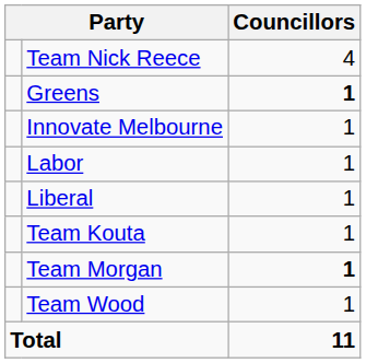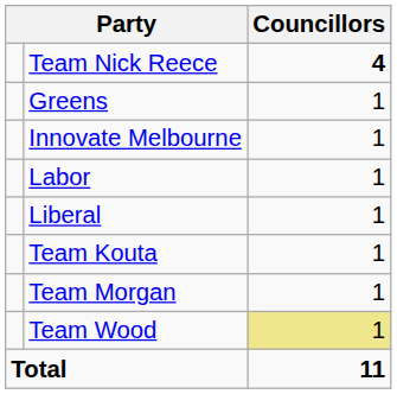 <table class="wikitable">
 <tr>
 <th colspan="2">Party</th>
 <th>Councillors</th>
 </tr>
 <tr>
 <td> </td>
 <td><a href='#'>Team Nick Reece</a></td>
-<td align=right>4</td>
+<td align=right><strong>4</strong></td>
 </tr>
 <tr>
 <td> </td>
 <td><a href='#'>Greens</a></td>
-<td align=right><strong>1</strong></td>
+<td align=right>1</td>
 </tr>
 <tr>
 <td> </td>
 <td><a href='#'>Innovate Melbourne</a></td>
 <td align=right>1</td>
 </tr>
 <tr>
 <td> </td>
 <td><a href='#'>Labor</a></td>
 <td align=right>1</td>
 </tr>
 <tr>
 <td> </td>
 <td><a href='#'>Liberal</a></td>
 <td align=right>1</td>
 </tr>
 <tr>
 <td> </td>
 <td><a href='#'>Team Kouta</a></td>
 <td align=right>1</td>
 </tr>
 <tr>
 <td> </td>
 <td><a href='#'>Team Morgan</a></td>
-<td align=right><strong>1</strong></td>
+<td align=right>1</td>
 </tr>
 <tr>
 <td> </td>
 <td><a href='#'>Team Wood</a></td>
-<td align=right>1</td>
+<td align=right style="background: khaki;">1</td>
 </tr>
 <tr>
 <td colspan="2"><strong>Total</strong></td>
 <td align=right><strong>11</strong></td>
 </tr>
 </table>
